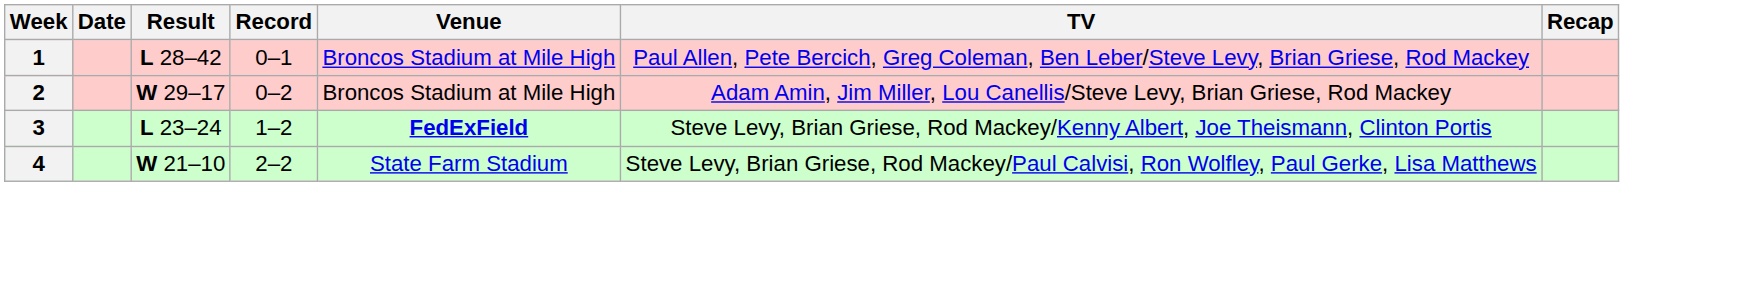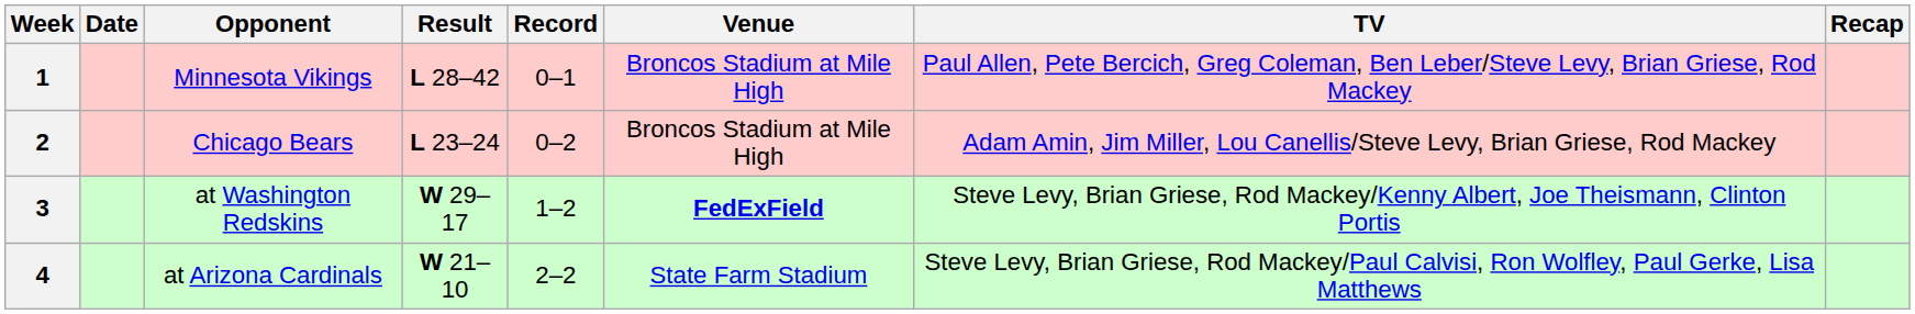 <table class="wikitable" style="text-align:center">
 <tr>
 <th>Week</th>
 <th>Date</th>
+<th>Opponent</th>
 <th>Result</th>
 <th>Record</th>
 <th>Venue</th>
 <th>TV</th>
 <th>Recap</th>
 </tr>
 <tr style="background:#fcc">
 <th>1</th>
 <td></td>
+<td><a href='#'>Minnesota Vikings</a></td>
 <td><strong>L</strong> 28–42</td>
 <td>0–1</td>
 <td><a href='#'>Broncos Stadium at Mile High</a></td>
 <td><a href='#'>Paul Allen</a>, <a href='#'>Pete Bercich</a>, <a href='#'>Greg Coleman</a>, <a href='#'>Ben Leber</a>/<a href='#'>Steve Levy</a>, <a href='#'>Brian Griese</a>, <a href='#'>Rod Mackey</a></td>
 <td></td>
 </tr>
 <tr style="background:#fcc">
 <th>2</th>
 <td></td>
-<td><strong>W</strong> 29–17</td>
+<td><a href='#'>Chicago Bears</a></td>
+<td><strong>L</strong> 23–24</td>
 <td>0–2</td>
 <td>Broncos Stadium at Mile High</td>
 <td><a href='#'>Adam Amin</a>, <a href='#'>Jim Miller</a>, <a href='#'>Lou Canellis</a>/Steve Levy, Brian Griese, Rod Mackey</td>
 <td></td>
 </tr>
 <tr style="background:#cfc">
 <th>3</th>
 <td></td>
-<td><strong>L</strong> 23–24</td>
+<td>at <a href='#'>Washington Redskins</a></td>
+<td><strong>W</strong> 29–17</td>
 <td>1–2</td>
 <td><strong><a href='#'>FedExField</a></strong></td>
 <td>Steve Levy, Brian Griese, Rod Mackey/<a href='#'>Kenny Albert</a>, <a href='#'>Joe Theismann</a>, <a href='#'>Clinton Portis</a></td>
 <td></td>
 </tr>
 <tr style="background:#cfc">
 <th>4</th>
 <td></td>
+<td>at <a href='#'>Arizona Cardinals</a></td>
 <td><strong>W</strong> 21–10</td>
 <td>2–2</td>
 <td><a href='#'>State Farm Stadium</a></td>
 <td>Steve Levy, Brian Griese, Rod Mackey/<a href='#'>Paul Calvisi</a>, <a href='#'>Ron Wolfley</a>, <a href='#'>Paul Gerke</a>, <a href='#'>Lisa Matthews</a></td>
 <td></td>
 </tr>
 </table>
